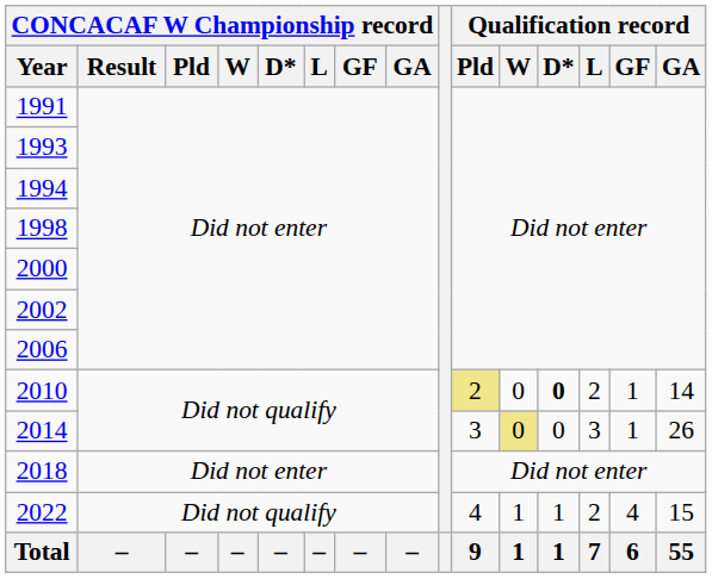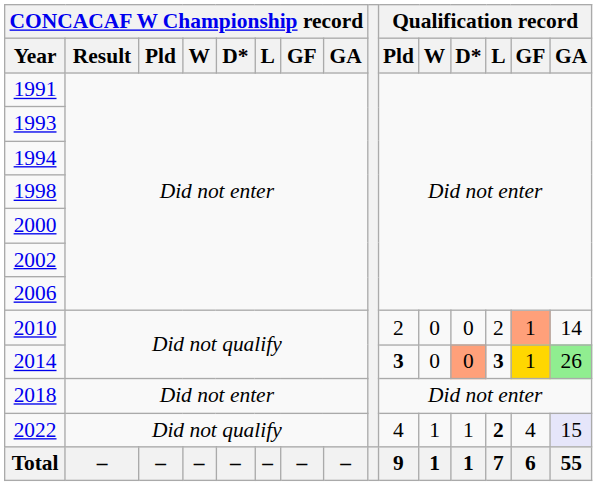 <table class="wikitable" style="text-align: center;">
 <tr>
 <th colspan=8><a href='#'>CONCACAF W Championship</a> record</th>
 <th rowspan=13></th>
 <th colspan=6>Qualification record</th>
 </tr>
 <tr>
 <th>Year</th>
 <th>Result</th>
 <th>Pld</th>
 <th>W</th>
 <th>D*</th>
 <th>L</th>
 <th>GF</th>
 <th>GA</th>
 <th>Pld</th>
 <th>W</th>
 <th>D*</th>
 <th>L</th>
 <th>GF</th>
 <th>GA</th>
 </tr>
 <tr>
 <td> <a href='#'>1991</a></td>
 <td colspan=7 rowspan=7><em>Did not enter</em></td>
 <td colspan=6 rowspan=7><em>Did not enter</em></td>
 </tr>
 <tr>
 <td> <a href='#'>1993</a></td>
 </tr>
 <tr>
 <td> <a href='#'>1994</a></td>
 </tr>
 <tr>
 <td> <a href='#'>1998</a></td>
 </tr>
 <tr>
 <td> <a href='#'>2000</a></td>
 </tr>
 <tr>
 <td> <a href='#'>2002</a></td>
 </tr>
 <tr>
 <td> <a href='#'>2006</a></td>
 </tr>
 <tr>
 <td> <a href='#'>2010</a></td>
 <td colspan=7 rowspan=2><em>Did not qualify</em></td>
-<td style="background: khaki;">2</td>
+<td>2</td>
 <td>0</td>
-<td><strong>0</strong></td>
+<td>0</td>
 <td>2</td>
-<td>1</td>
+<td style="background: lightsalmon;">1</td>
 <td>14</td>
 </tr>
 <tr>
 <td> <a href='#'>2014</a></td>
-<td>3</td>
-<td style="background: khaki;">0</td>
+<td><strong>3</strong></td>
 <td>0</td>
-<td>3</td>
-<td>1</td>
-<td>26</td>
+<td style="background: lightsalmon;">0</td>
+<td><strong>3</strong></td>
+<td style="background: gold;">1</td>
+<td style="background: lightgreen;">26</td>
 </tr>
 <tr>
 <td> <a href='#'>2018</a></td>
 <td colspan=7><em>Did not enter</em></td>
 <td colspan=6><em>Did not enter</em></td>
 </tr>
 <tr>
 <td> <a href='#'>2022</a></td>
 <td colspan=7><em>Did not qualify</em></td>
 <td>4</td>
 <td>1</td>
 <td>1</td>
-<td>2</td>
+<td><strong>2</strong></td>
 <td>4</td>
-<td>15</td>
+<td style="background: lavender;">15</td>
 </tr>
 <tr>
 <th>Total</th>
 <th>–</th>
 <th>–</th>
 <th>–</th>
 <th>–</th>
 <th>–</th>
 <th>–</th>
 <th>–</th>
 <th></th>
 <th>9</th>
 <th>1</th>
 <th>1</th>
 <th>7</th>
 <th>6</th>
 <th>55</th>
 </tr>
 </table>
